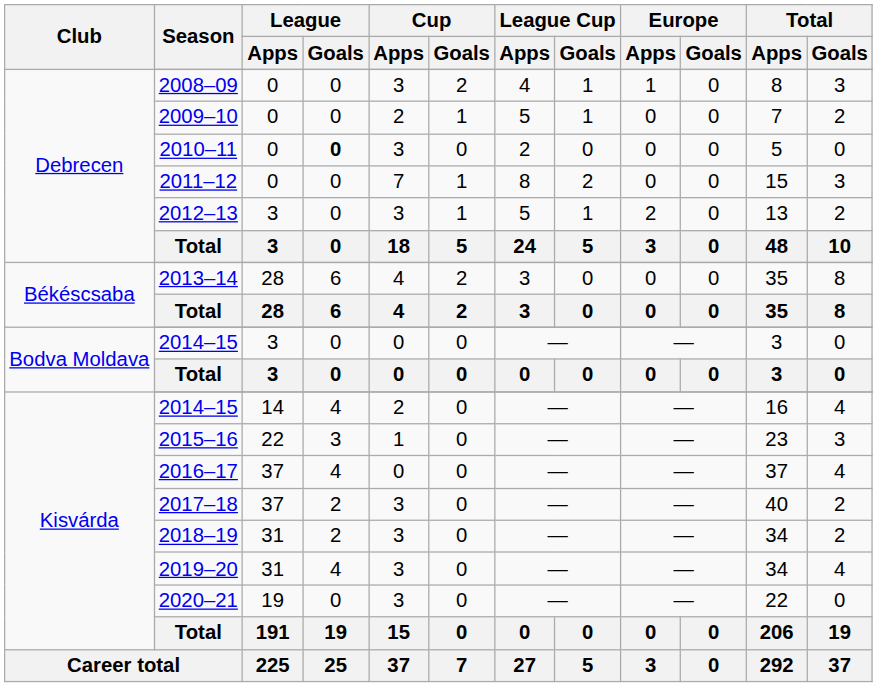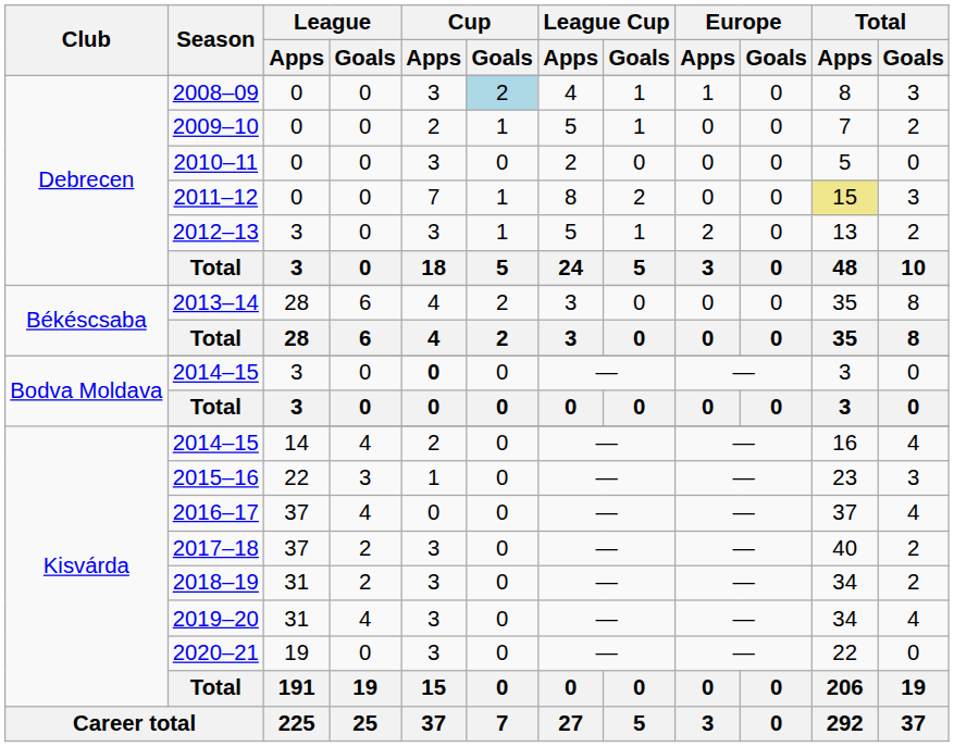 <table class="wikitable" style="text-align: center;">
 <tr>
 <th rowspan="2">Club</th>
 <th rowspan="2">Season</th>
 <th colspan="2">League</th>
 <th colspan="2">Cup</th>
 <th colspan="2">League Cup</th>
 <th colspan="2">Europe</th>
 <th colspan="2">Total</th>
 </tr>
 <tr>
 <th>Apps</th>
 <th>Goals</th>
 <th>Apps</th>
 <th>Goals</th>
 <th>Apps</th>
 <th>Goals</th>
 <th>Apps</th>
 <th>Goals</th>
 <th>Apps</th>
 <th>Goals</th>
 </tr>
 <tr>
 <td rowspan="7"><a href='#'>Debrecen</a></td>
 </tr>
 <tr>
 <td><a href='#'>2008–09</a></td>
 <td>0</td>
 <td>0</td>
 <td>3</td>
-<td>2</td>
+<td style="background: lightblue;">2</td>
 <td>4</td>
 <td>1</td>
 <td>1</td>
 <td>0</td>
 <td>8</td>
 <td>3</td>
 </tr>
 <tr>
 <td><a href='#'>2009–10</a></td>
 <td>0</td>
 <td>0</td>
 <td>2</td>
 <td>1</td>
 <td>5</td>
 <td>1</td>
 <td>0</td>
 <td>0</td>
 <td>7</td>
 <td>2</td>
 </tr>
 <tr>
 <td><a href='#'>2010–11</a></td>
 <td>0</td>
-<td><strong>0</strong></td>
+<td>0</td>
 <td>3</td>
 <td>0</td>
 <td>2</td>
 <td>0</td>
 <td>0</td>
 <td>0</td>
 <td>5</td>
 <td>0</td>
 </tr>
 <tr>
 <td><a href='#'>2011–12</a></td>
 <td>0</td>
 <td>0</td>
 <td>7</td>
 <td>1</td>
 <td>8</td>
 <td>2</td>
 <td>0</td>
 <td>0</td>
-<td>15</td>
+<td style="background: khaki;">15</td>
 <td>3</td>
 </tr>
 <tr>
 <td><a href='#'>2012–13</a></td>
 <td>3</td>
 <td>0</td>
 <td>3</td>
 <td>1</td>
 <td>5</td>
 <td>1</td>
 <td>2</td>
 <td>0</td>
 <td>13</td>
 <td>2</td>
 </tr>
 <tr>
 <th>Total</th>
 <th>3</th>
 <th>0</th>
 <th>18</th>
 <th>5</th>
 <th>24</th>
 <th>5</th>
 <th>3</th>
 <th>0</th>
 <th>48</th>
 <th>10</th>
 </tr>
 <tr>
 <td rowspan="3"><a href='#'>Békéscsaba</a></td>
 </tr>
 <tr>
 <td><a href='#'>2013–14</a></td>
 <td>28</td>
 <td>6</td>
 <td>4</td>
 <td>2</td>
 <td>3</td>
 <td>0</td>
 <td>0</td>
 <td>0</td>
 <td>35</td>
 <td>8</td>
 </tr>
 <tr>
 <th>Total</th>
 <th>28</th>
 <th>6</th>
 <th>4</th>
 <th>2</th>
 <th>3</th>
 <th>0</th>
 <th>0</th>
 <th>0</th>
 <th>35</th>
 <th>8</th>
 </tr>
 <tr>
 <td rowspan="3"><a href='#'>Bodva Moldava</a></td>
 </tr>
 <tr>
 <td><a href='#'>2014–15</a></td>
 <td>3</td>
 <td>0</td>
-<td>0</td>
+<td><strong>0</strong></td>
 <td>0</td>
 <td colspan="2">—</td>
 <td colspan="2">—</td>
 <td>3</td>
 <td>0</td>
 </tr>
 <tr>
 <th>Total</th>
 <th>3</th>
 <th>0</th>
 <th>0</th>
 <th>0</th>
 <th>0</th>
 <th>0</th>
 <th>0</th>
 <th>0</th>
 <th>3</th>
 <th>0</th>
 </tr>
 <tr>
 <td rowspan="9"><a href='#'>Kisvárda</a></td>
 </tr>
 <tr>
 <td><a href='#'>2014–15</a></td>
 <td>14</td>
 <td>4</td>
 <td>2</td>
 <td>0</td>
 <td colspan="2">—</td>
 <td colspan="2">—</td>
 <td>16</td>
 <td>4</td>
 </tr>
 <tr>
 <td><a href='#'>2015–16</a></td>
 <td>22</td>
 <td>3</td>
 <td>1</td>
 <td>0</td>
 <td colspan="2">—</td>
 <td colspan="2">—</td>
 <td>23</td>
 <td>3</td>
 </tr>
 <tr>
 <td><a href='#'>2016–17</a></td>
 <td>37</td>
 <td>4</td>
 <td>0</td>
 <td>0</td>
 <td colspan="2">—</td>
 <td colspan="2">—</td>
 <td>37</td>
 <td>4</td>
 </tr>
 <tr>
 <td><a href='#'>2017–18</a></td>
 <td>37</td>
 <td>2</td>
 <td>3</td>
 <td>0</td>
 <td colspan="2">—</td>
 <td colspan="2">—</td>
 <td>40</td>
 <td>2</td>
 </tr>
 <tr>
 <td><a href='#'>2018–19</a></td>
 <td>31</td>
 <td>2</td>
 <td>3</td>
 <td>0</td>
 <td colspan="2">—</td>
 <td colspan="2">—</td>
 <td>34</td>
 <td>2</td>
 </tr>
 <tr>
 <td><a href='#'>2019–20</a></td>
 <td>31</td>
 <td>4</td>
 <td>3</td>
 <td>0</td>
 <td colspan="2">—</td>
 <td colspan="2">—</td>
 <td>34</td>
 <td>4</td>
 </tr>
 <tr>
 <td><a href='#'>2020–21</a></td>
 <td>19</td>
 <td>0</td>
 <td>3</td>
 <td>0</td>
 <td colspan="2">—</td>
 <td colspan="2">—</td>
 <td>22</td>
 <td>0</td>
 </tr>
 <tr>
 <th>Total</th>
 <th>191</th>
 <th>19</th>
 <th>15</th>
 <th>0</th>
 <th>0</th>
 <th>0</th>
 <th>0</th>
 <th>0</th>
 <th>206</th>
 <th>19</th>
 </tr>
 <tr>
 <th colspan="2">Career total</th>
 <th>225</th>
 <th>25</th>
 <th>37</th>
 <th>7</th>
 <th>27</th>
 <th>5</th>
 <th>3</th>
 <th>0</th>
 <th>292</th>
 <th>37</th>
 </tr>
 </table>
